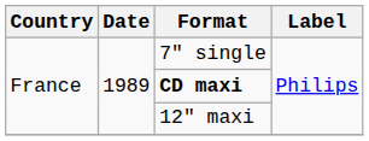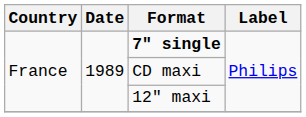 <table class=wikitable>
 <tr>
 <th>Country</th>
 <th>Date</th>
 <th>Format</th>
 <th>Label</th>
 </tr>
 <tr>
 <td rowspan="3">France</td>
 <td rowspan="3">1989</td>
-<td>7" single</td>
+<td><strong>7" single</strong></td>
 <td rowspan="3"><a href='#'>Philips</a></td>
 </tr>
 <tr>
-<td><strong>CD maxi</strong></td>
+<td>CD maxi</td>
 </tr>
 <tr>
 <td>12" maxi</td>
 </tr>
 <tr>
 </tr>
 </table>
